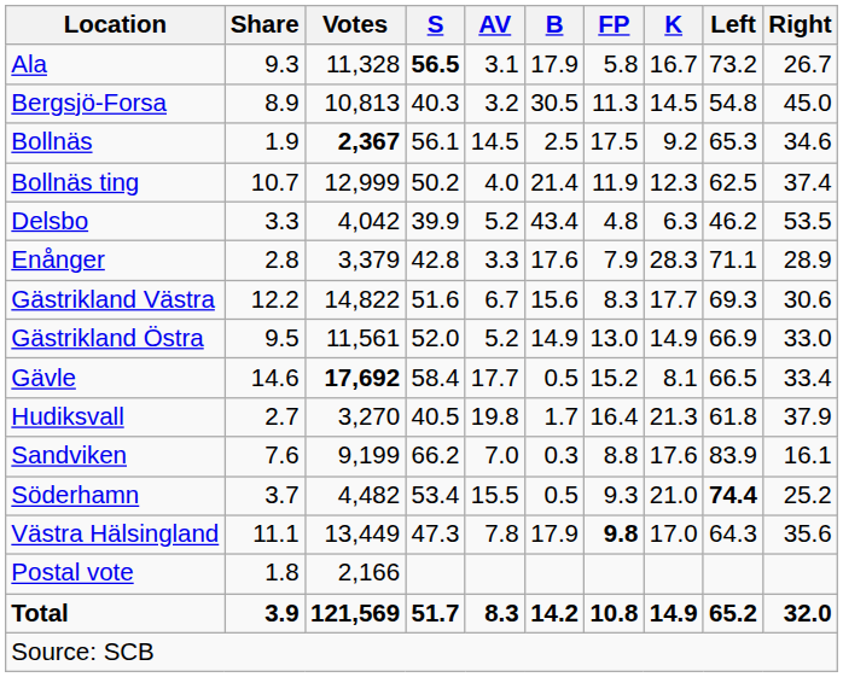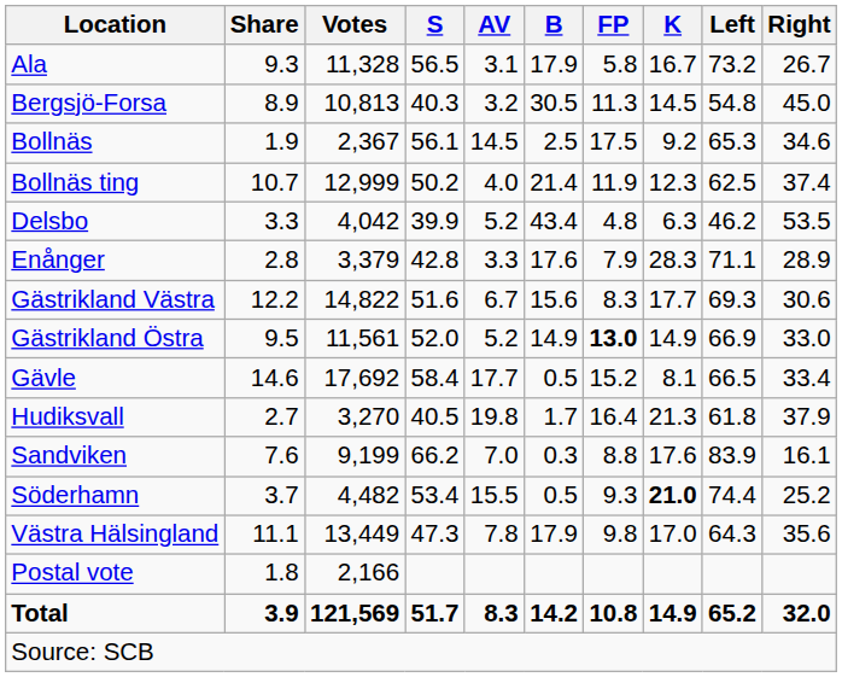 <table class="wikitable sortable" style=text-align:right>
 <tr>
 <th>Location</th>
 <th>Share</th>
 <th>Votes</th>
 <th><a href='#'>S</a></th>
 <th><a href='#'>AV</a></th>
 <th><a href='#'>B</a></th>
 <th><a href='#'>FP</a></th>
 <th><a href='#'>K</a></th>
 <th>Left</th>
 <th>Right</th>
 </tr>
 <tr>
 <td align=left><a href='#'>Ala</a></td>
 <td>9.3</td>
 <td>11,328</td>
-<td><strong>56.5</strong></td>
+<td>56.5</td>
 <td>3.1</td>
 <td>17.9</td>
 <td>5.8</td>
 <td>16.7</td>
 <td>73.2</td>
 <td>26.7</td>
 </tr>
 <tr>
 <td align=left><a href='#'>Bergsjö-Forsa</a></td>
 <td>8.9</td>
 <td>10,813</td>
 <td>40.3</td>
 <td>3.2</td>
 <td>30.5</td>
 <td>11.3</td>
 <td>14.5</td>
 <td>54.8</td>
 <td>45.0</td>
 </tr>
 <tr>
 <td align=left><a href='#'>Bollnäs</a></td>
 <td>1.9</td>
-<td><strong>2,367</strong></td>
+<td>2,367</td>
 <td>56.1</td>
 <td>14.5</td>
 <td>2.5</td>
 <td>17.5</td>
 <td>9.2</td>
 <td>65.3</td>
 <td>34.6</td>
 </tr>
 <tr>
 <td align=left><a href='#'>Bollnäs ting</a></td>
 <td>10.7</td>
 <td>12,999</td>
 <td>50.2</td>
 <td>4.0</td>
 <td>21.4</td>
 <td>11.9</td>
 <td>12.3</td>
 <td>62.5</td>
 <td>37.4</td>
 </tr>
 <tr>
 <td align=left><a href='#'>Delsbo</a></td>
 <td>3.3</td>
 <td>4,042</td>
 <td>39.9</td>
 <td>5.2</td>
 <td>43.4</td>
 <td>4.8</td>
 <td>6.3</td>
 <td>46.2</td>
 <td>53.5</td>
 </tr>
 <tr>
 <td align=left><a href='#'>Enånger</a></td>
 <td>2.8</td>
 <td>3,379</td>
 <td>42.8</td>
 <td>3.3</td>
 <td>17.6</td>
 <td>7.9</td>
 <td>28.3</td>
 <td>71.1</td>
 <td>28.9</td>
 </tr>
 <tr>
 <td align=left><a href='#'>Gästrikland Västra</a></td>
 <td>12.2</td>
 <td>14,822</td>
 <td>51.6</td>
 <td>6.7</td>
 <td>15.6</td>
 <td>8.3</td>
 <td>17.7</td>
 <td>69.3</td>
 <td>30.6</td>
 </tr>
 <tr>
 <td align=left><a href='#'>Gästrikland Östra</a></td>
 <td>9.5</td>
 <td>11,561</td>
 <td>52.0</td>
 <td>5.2</td>
 <td>14.9</td>
-<td>13.0</td>
+<td><strong>13.0</strong></td>
 <td>14.9</td>
 <td>66.9</td>
 <td>33.0</td>
 </tr>
 <tr>
 <td align=left><a href='#'>Gävle</a></td>
 <td>14.6</td>
-<td><strong>17,692</strong></td>
+<td>17,692</td>
 <td>58.4</td>
 <td>17.7</td>
 <td>0.5</td>
 <td>15.2</td>
 <td>8.1</td>
 <td>66.5</td>
 <td>33.4</td>
 </tr>
 <tr>
 <td align=left><a href='#'>Hudiksvall</a></td>
 <td>2.7</td>
 <td>3,270</td>
 <td>40.5</td>
 <td>19.8</td>
 <td>1.7</td>
 <td>16.4</td>
 <td>21.3</td>
 <td>61.8</td>
 <td>37.9</td>
 </tr>
 <tr>
 <td align=left><a href='#'>Sandviken</a></td>
 <td>7.6</td>
 <td>9,199</td>
 <td>66.2</td>
 <td>7.0</td>
 <td>0.3</td>
 <td>8.8</td>
 <td>17.6</td>
 <td>83.9</td>
 <td>16.1</td>
 </tr>
 <tr>
 <td align=left><a href='#'>Söderhamn</a></td>
 <td>3.7</td>
 <td>4,482</td>
 <td>53.4</td>
 <td>15.5</td>
 <td>0.5</td>
 <td>9.3</td>
-<td>21.0</td>
-<td><strong>74.4</strong></td>
+<td><strong>21.0</strong></td>
+<td>74.4</td>
 <td>25.2</td>
 </tr>
 <tr>
 <td align=left><a href='#'>Västra Hälsingland</a></td>
 <td>11.1</td>
 <td>13,449</td>
 <td>47.3</td>
 <td>7.8</td>
 <td>17.9</td>
-<td><strong>9.8</strong></td>
+<td>9.8</td>
 <td>17.0</td>
 <td>64.3</td>
 <td>35.6</td>
 </tr>
 <tr>
 <td align=left><a href='#'>Postal vote</a></td>
 <td>1.8</td>
 <td>2,166</td>
 <td></td>
 <td></td>
 <td></td>
 <td></td>
 <td></td>
 <td></td>
 <td></td>
 </tr>
 <tr>
 <td align=left><strong>Total</strong></td>
 <td><strong>3.9</strong></td>
 <td><strong>121,569</strong></td>
 <td><strong>51.7</strong></td>
 <td><strong>8.3</strong></td>
 <td><strong>14.2</strong></td>
 <td><strong>10.8</strong></td>
 <td><strong>14.9</strong></td>
 <td><strong>65.2</strong></td>
 <td><strong>32.0</strong></td>
 </tr>
 <tr>
 <td align=left colspan=10>Source: SCB </td>
 </tr>
 </table>
